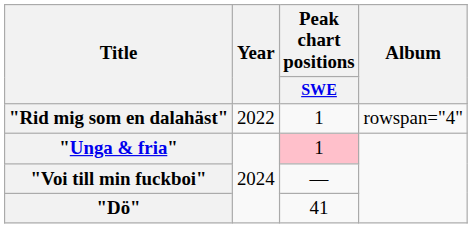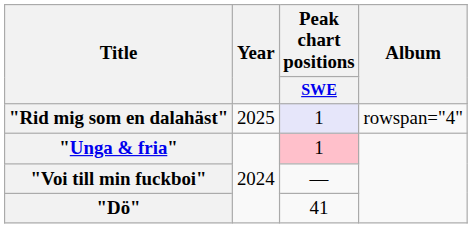 <table class="wikitable plainrowheaders" style="text-align:center;">
 <tr>
 <th scope="col" rowspan="2">Title</th>
 <th scope="col" rowspan="2">Year</th>
 <th scope="col" colspan="1">Peak chart positions</th>
 <th scope="col" rowspan="2">Album</th>
 </tr>
 <tr>
 <th scope="col" style="width:3em;font-size:85%;"><a href='#'>SWE</a><br></th>
 </tr>
 <tr>
 <th scope="row">"Rid mig som en dalahäst"</th>
-<td>2022</td>
-<td>1</td>
+<td>2025</td>
+<td style="background: lavender;">1</td>
 <td>rowspan="4" </td>
 </tr>
 <tr>
 <th scope="row">"<a href='#'>Unga & fria</a>"</th>
 <td rowspan="3">2024</td>
 <td style="background: pink;">1<br></td>
 </tr>
 <tr>
 <th scope="row">"Voi till min fuckboi"<br></th>
 <td>—</td>
 </tr>
 <tr>
 <th scope="row">"Dö"<br></th>
 <td>41<br></td>
 </tr>
 </table>
